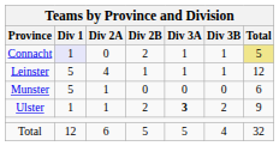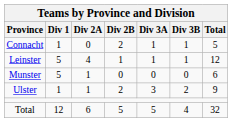 <table class="wikitable" style="text-align:center">
 <tr>
 <th colspan=7><big>Teams by Province and Division</big></th>
 </tr>
 <tr>
 <th>Province</th>
 <th>Div 1</th>
 <th>Div 2A</th>
 <th>Div 2B</th>
 <th>Div 3A</th>
 <th>Div 3B</th>
 <th>Total</th>
 </tr>
 <tr>
 <td><a href='#'>Connacht</a></td>
-<td style="background: lavender;">1</td>
+<td>1</td>
 <td>0</td>
 <td>2</td>
 <td>1</td>
 <td>1</td>
-<td style="background: khaki;">5</td>
+<td>5</td>
 </tr>
 <tr>
 <td><a href='#'>Leinster</a></td>
 <td>5</td>
 <td>4</td>
 <td>1</td>
 <td>1</td>
 <td>1</td>
 <td>12</td>
 </tr>
 <tr>
 <td><a href='#'>Munster</a></td>
 <td>5</td>
 <td>1</td>
 <td>0</td>
 <td>0</td>
 <td>0</td>
 <td>6</td>
 </tr>
 <tr>
 <td><a href='#'>Ulster</a></td>
 <td>1</td>
 <td>1</td>
 <td>2</td>
-<td><strong>3</strong></td>
+<td>3</td>
 <td>2</td>
 <td>9</td>
 </tr>
 <tr>
 <td colspan=7></td>
 </tr>
 <tr>
 <td>Total</td>
 <td>12</td>
 <td>6</td>
 <td>5</td>
 <td>5</td>
 <td>4</td>
 <td>32</td>
 </tr>
 </table>
